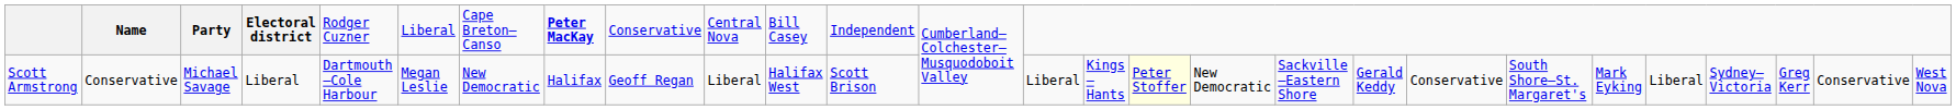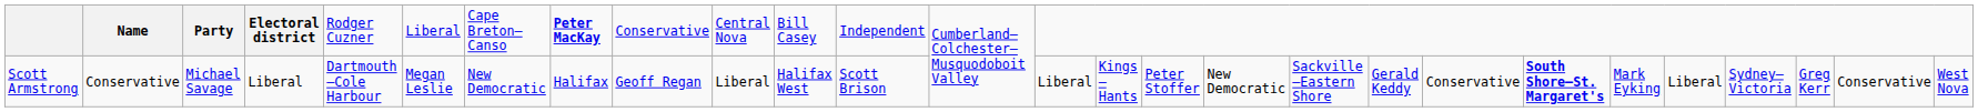 <table class="wikitable sortable">
 <tr>
 <th></th>
 <th>Name</th>
 <th>Party</th>
 <th>Electoral district<br></th>
 <td><a href='#'>Rodger Cuzner</a></td>
 <td><a href='#'>Liberal</a></td>
 <td><a href='#'>Cape Breton—Canso</a><br></td>
 <td><strong><a href='#'>Peter MacKay</a></strong></td>
 <td><a href='#'>Conservative</a></td>
 <td><a href='#'>Central Nova</a><br></td>
 <td><a href='#'>Bill Casey</a></td>
 <td><a href='#'>Independent</a></td>
 <td rowspan=2><a href='#'>Cumberland—Colchester—Musquodoboit Valley</a></td>
 </tr>
 <tr>
 <td><a href='#'>Scott Armstrong</a></td>
 <td>Conservative<br></td>
 <td><a href='#'>Michael Savage</a></td>
 <td>Liberal</td>
 <td><a href='#'>Dartmouth—Cole Harbour</a><br></td>
 <td><a href='#'>Megan Leslie</a></td>
 <td><a href='#'>New Democratic</a></td>
 <td><a href='#'>Halifax</a><br></td>
 <td><a href='#'>Geoff Regan</a></td>
 <td>Liberal</td>
 <td><a href='#'>Halifax West</a><br></td>
 <td><a href='#'>Scott Brison</a></td>
 <td>Liberal</td>
 <td><a href='#'>Kings—Hants</a><br></td>
-<td style="background: lightyellow;"><a href='#'>Peter Stoffer</a></td>
+<td><a href='#'>Peter Stoffer</a></td>
 <td>New Democratic</td>
 <td><a href='#'>Sackville—Eastern Shore</a><br></td>
 <td><a href='#'>Gerald Keddy</a></td>
 <td>Conservative</td>
-<td><a href='#'>South Shore—St. Margaret's</a><br></td>
+<td><strong><a href='#'>South Shore—St. Margaret's</a><br></strong></td>
 <td><a href='#'>Mark Eyking</a></td>
 <td>Liberal</td>
 <td><a href='#'>Sydney—Victoria</a><br></td>
 <td><a href='#'>Greg Kerr</a></td>
 <td>Conservative</td>
 <td><a href='#'>West Nova</a></td>
 </tr>
 </table>
